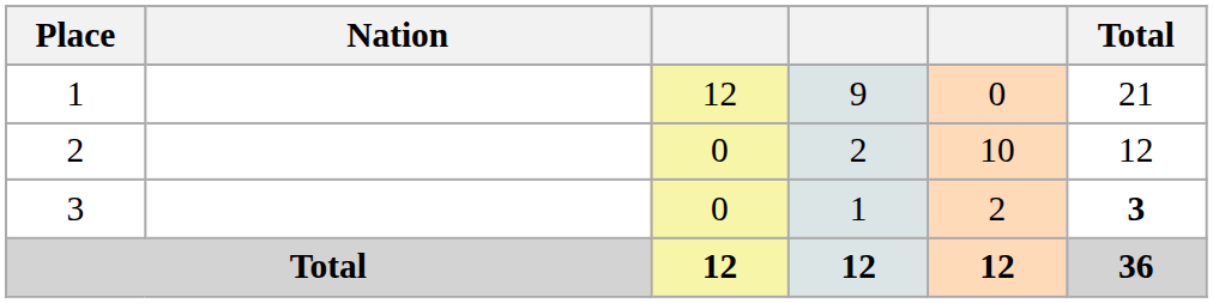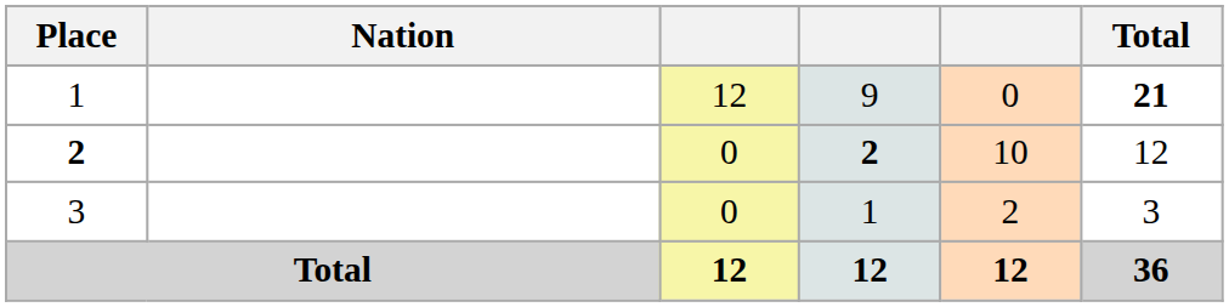 <table class=wikitable style="border:1px solid #AAAAAA;font-size:90%">
 <tr bgcolor="#EFEFEF">
 <th width=50>Place</th>
 <th width=200>Nation</th>
 <th width=50></th>
 <th width=50></th>
 <th width=50></th>
 <th width=50>Total</th>
 </tr>
 <tr align="center" valign="top" bgcolor="#FFFFFF">
 <td>1</td>
 <td align="left"></td>
 <td style="background:#F7F6A8;">12</td>
 <td style="background:#DCE5E5;">9</td>
 <td style="background:#FFDAB9;">0</td>
-<td>21</td>
+<td><strong>21</strong></td>
 </tr>
 <tr align="center" valign="top" bgcolor="#FFFFFF">
-<td>2</td>
+<td><strong>2</strong></td>
 <td align="left"></td>
 <td style="background:#F7F6A8;">0</td>
-<td style="background:#DCE5E5;">2</td>
+<td style="background:#DCE5E5;"><strong>2</strong></td>
 <td style="background:#FFDAB9;">10</td>
 <td>12</td>
 </tr>
 <tr align="center" valign="top" bgcolor="#FFFFFF">
 <td>3</td>
 <td align="left"></td>
 <td style="background:#F7F6A8;">0</td>
 <td style="background:#DCE5E5;">1</td>
 <td style="background:#FFDAB9;">2</td>
-<td><strong>3</strong></td>
+<td>3</td>
 </tr>
 <tr align="center">
 <td colspan="2" bgcolor=D3D3D3><strong>Total</strong></td>
 <td style="background:#F7F6A8;"><strong>12</strong></td>
 <td style="background:#DCE5E5;"><strong>12</strong></td>
 <td style="background:#FFDAB9;"><strong>12</strong></td>
 <td bgcolor=D3D3D3><strong>36</strong></td>
 </tr>
 </table>
